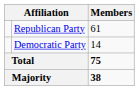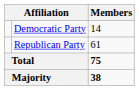 <table class="wikitable">
 <tr>
 <th colspan="2">Affiliation</th>
 <th>Members</th>
 </tr>
 <tr>
 <td style="background-color:"> </td>
-<td><a href='#'>Republican Party</a></td>
-<td>61</td>
+<td><a href='#'>Democratic Party</a></td>
+<td>14</td>
 </tr>
 <tr>
 <td style="background-color:"> </td>
-<td><a href='#'>Democratic Party</a></td>
-<td>14</td>
+<td><a href='#'>Republican Party</a></td>
+<td>61</td>
 </tr>
 <tr>
 <th colspan="2" style="text-align:left">  Total</th>
 <td><strong>75</strong></td>
 </tr>
 <tr>
 <th colspan="2" style="text-align:left">  Majority</th>
 <td><strong>38</strong></td>
 </tr>
 </table>
